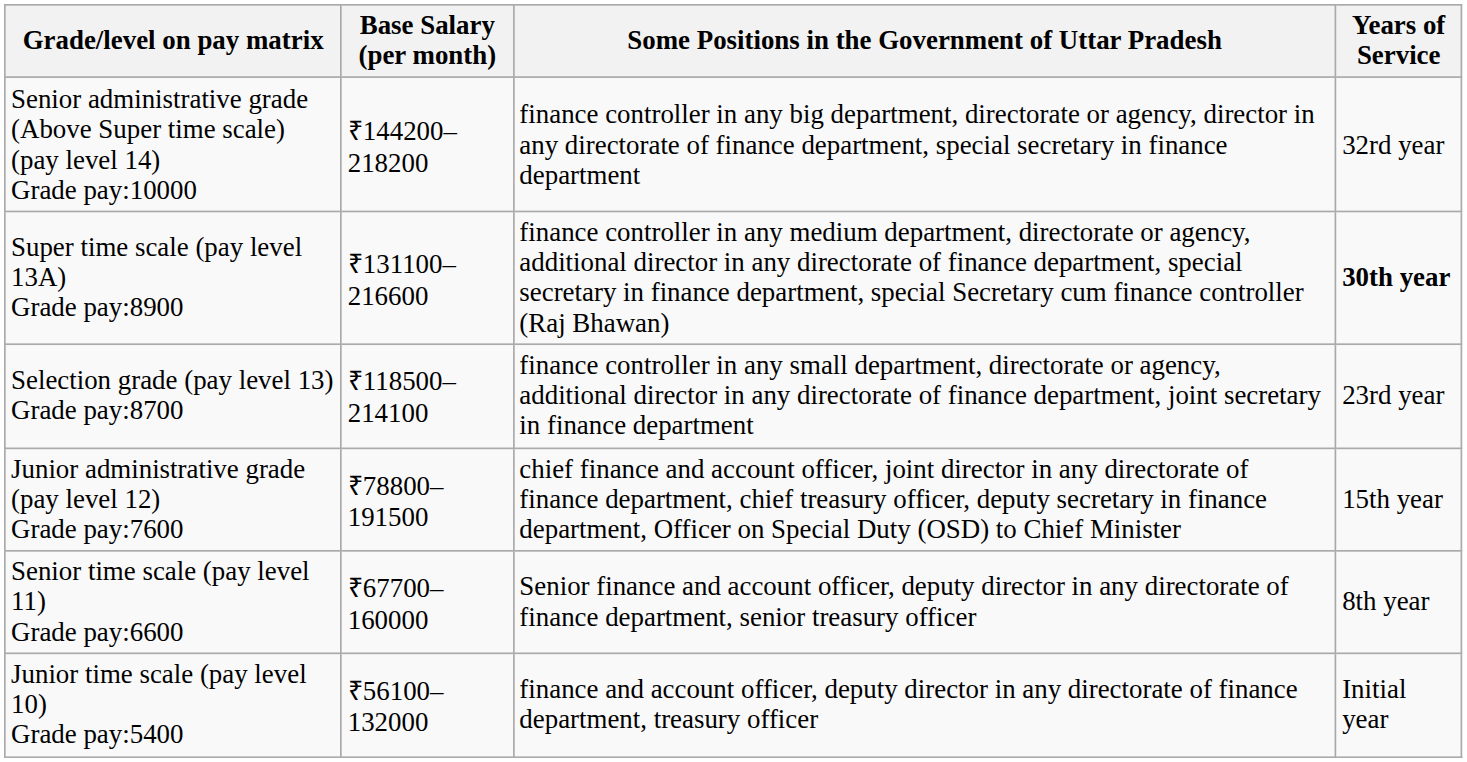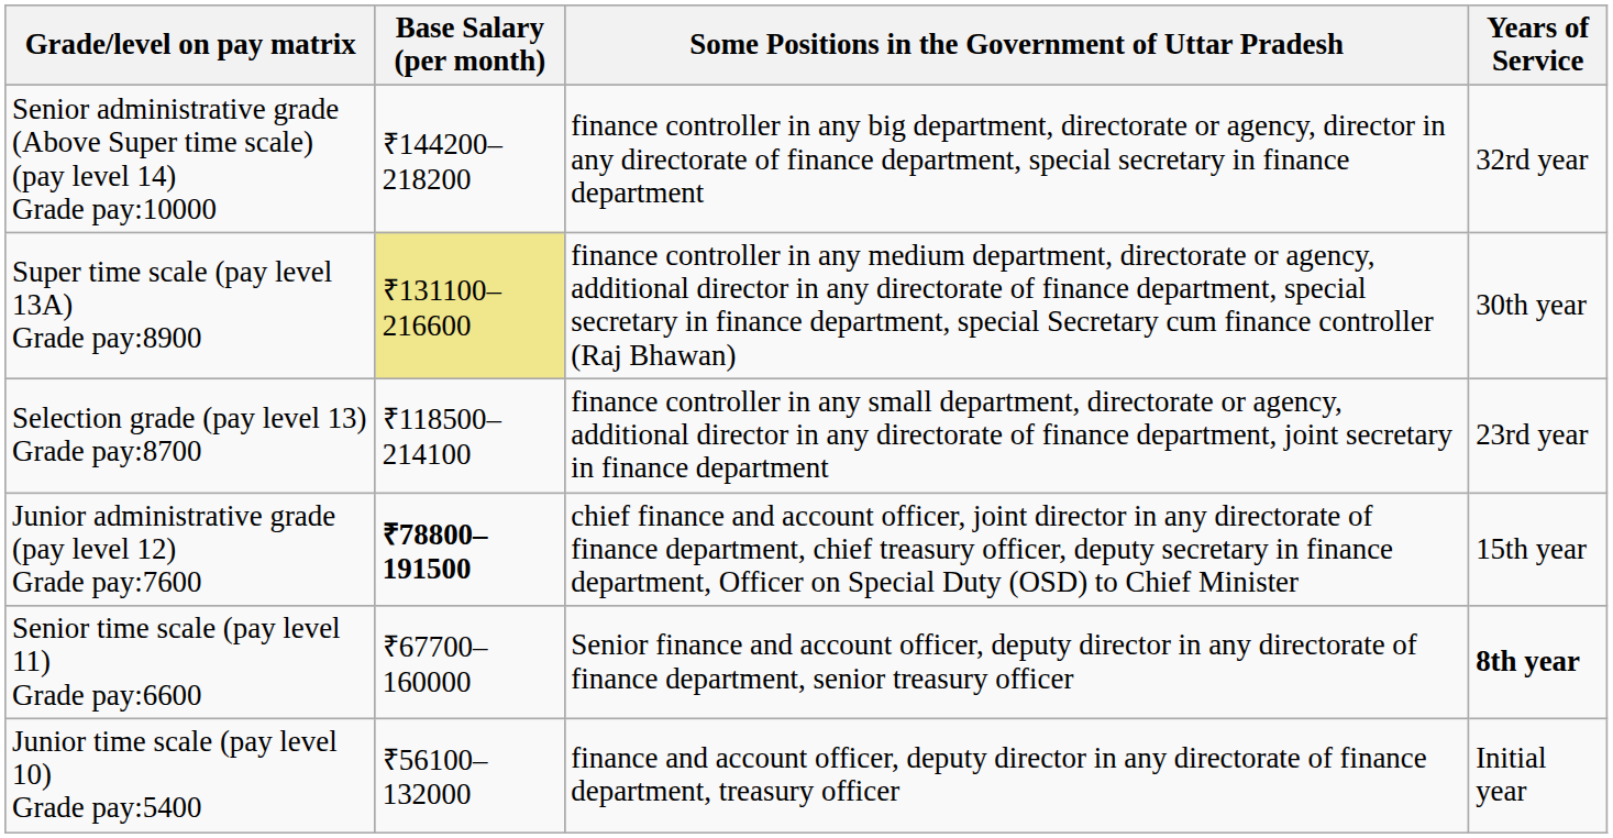 <table class="wikitable sortable">
 <tr>
 <th>Grade/level on pay matrix</th>
 <th>Base Salary (per month)</th>
 <th>Some Positions in the Government of Uttar Pradesh</th>
 <th>Years of Service</th>
 </tr>
 <tr>
 <td>Senior administrative grade (Above Super time scale) (pay level 14)<br>Grade pay:10000</td>
 <td>₹144200–218200</td>
 <td>finance controller in any big department, directorate or agency, director in any directorate of finance department, special secretary in finance department</td>
 <td>32rd year</td>
 </tr>
 <tr>
 <td>Super time scale (pay level 13A)<br>Grade pay:8900</td>
-<td>₹131100–216600</td>
+<td style="background: khaki;">₹131100–216600</td>
 <td>finance controller in any medium department, directorate or agency, additional director in any directorate of finance department, special secretary in finance department, special Secretary cum finance controller (Raj Bhawan)</td>
-<td><strong>30th year</strong></td>
+<td>30th year</td>
 </tr>
 <tr>
 <td>Selection grade (pay level 13)<br>Grade pay:8700</td>
 <td>₹118500–214100</td>
 <td>finance controller in any small department, directorate or agency, additional director in any directorate of finance department, joint secretary in finance department</td>
 <td>23rd year</td>
 </tr>
 <tr>
 <td>Junior administrative grade (pay level 12)<br>Grade pay:7600</td>
-<td>₹78800–191500</td>
+<td><strong>₹78800–191500</strong></td>
 <td>chief finance and account officer, joint director in any directorate of finance department, chief treasury officer, deputy secretary in finance department, Officer on Special Duty (OSD) to Chief Minister</td>
 <td>15th year</td>
 </tr>
 <tr>
 <td>Senior time scale (pay level 11)<br>Grade pay:6600</td>
 <td>₹67700–160000</td>
 <td>Senior finance and account officer, deputy director in any directorate of finance department, senior treasury officer</td>
-<td>8th year</td>
+<td><strong>8th year</strong></td>
 </tr>
 <tr>
 <td>Junior time scale (pay level 10)<br>Grade pay:5400</td>
 <td>₹56100–132000</td>
 <td>finance and account officer, deputy director in any directorate of finance department, treasury officer</td>
 <td>Initial year</td>
 </tr>
 <tr>
 </tr>
 </table>
